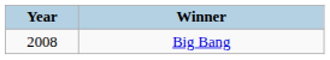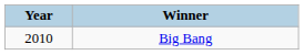 <table class="wikitable" style="text-align: center">
 <tr>
 <th width="70" style="background:#b3d1e3;">Year</th>
 <th width="250" style="background:#b3d1e3;">Winner</th>
 </tr>
 <tr>
-<td>2008</td>
+<td>2010</td>
 <td><a href='#'>Big Bang</a></td>
 </tr>
 </table>
